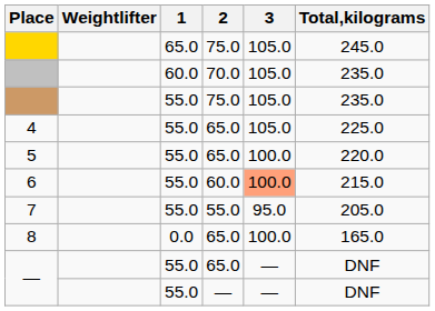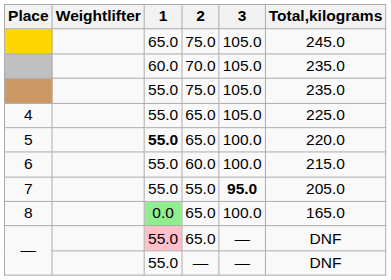 <table class=wikitable style="text-align:center">
 <tr>
 <th>Place</th>
 <th>Weightlifter</th>
 <th>1</th>
 <th>2</th>
 <th>3</th>
 <th>Total,kilograms</th>
 </tr>
 <tr>
 <td bgcolor=gold></td>
 <td align=left></td>
 <td>65.0</td>
 <td>75.0</td>
 <td>105.0</td>
 <td>245.0</td>
 </tr>
 <tr>
 <td bgcolor=silver></td>
 <td align=left></td>
 <td>60.0</td>
 <td>70.0</td>
 <td>105.0</td>
 <td>235.0</td>
 </tr>
 <tr>
 <td bgcolor=cc9966></td>
 <td align=left></td>
 <td>55.0</td>
 <td>75.0</td>
 <td>105.0</td>
 <td>235.0</td>
 </tr>
 <tr>
 <td>4</td>
 <td align=left></td>
 <td>55.0</td>
 <td>65.0</td>
 <td>105.0</td>
 <td>225.0</td>
 </tr>
 <tr>
 <td>5</td>
 <td align=left></td>
-<td>55.0</td>
+<td><strong>55.0</strong></td>
 <td>65.0</td>
 <td>100.0</td>
 <td>220.0</td>
 </tr>
 <tr>
 <td>6</td>
 <td align=left></td>
 <td>55.0</td>
 <td>60.0</td>
-<td style="background: lightsalmon;">100.0</td>
+<td>100.0</td>
 <td>215.0</td>
 </tr>
 <tr>
 <td>7</td>
 <td align=left></td>
 <td>55.0</td>
 <td>55.0</td>
-<td>95.0</td>
+<td><strong>95.0</strong></td>
 <td>205.0</td>
 </tr>
 <tr>
 <td>8</td>
 <td align=left></td>
-<td>0.0</td>
+<td style="background: lightgreen;">0.0</td>
 <td>65.0</td>
 <td>100.0</td>
 <td>165.0</td>
 </tr>
 <tr>
 <td rowspan=2>—</td>
 <td align=left></td>
-<td>55.0</td>
+<td style="background: pink;">55.0</td>
 <td>65.0</td>
 <td>—</td>
 <td>DNF</td>
 </tr>
 <tr>
 <td align=left></td>
 <td>55.0</td>
 <td>—</td>
 <td>—</td>
 <td>DNF</td>
 </tr>
 </table>
